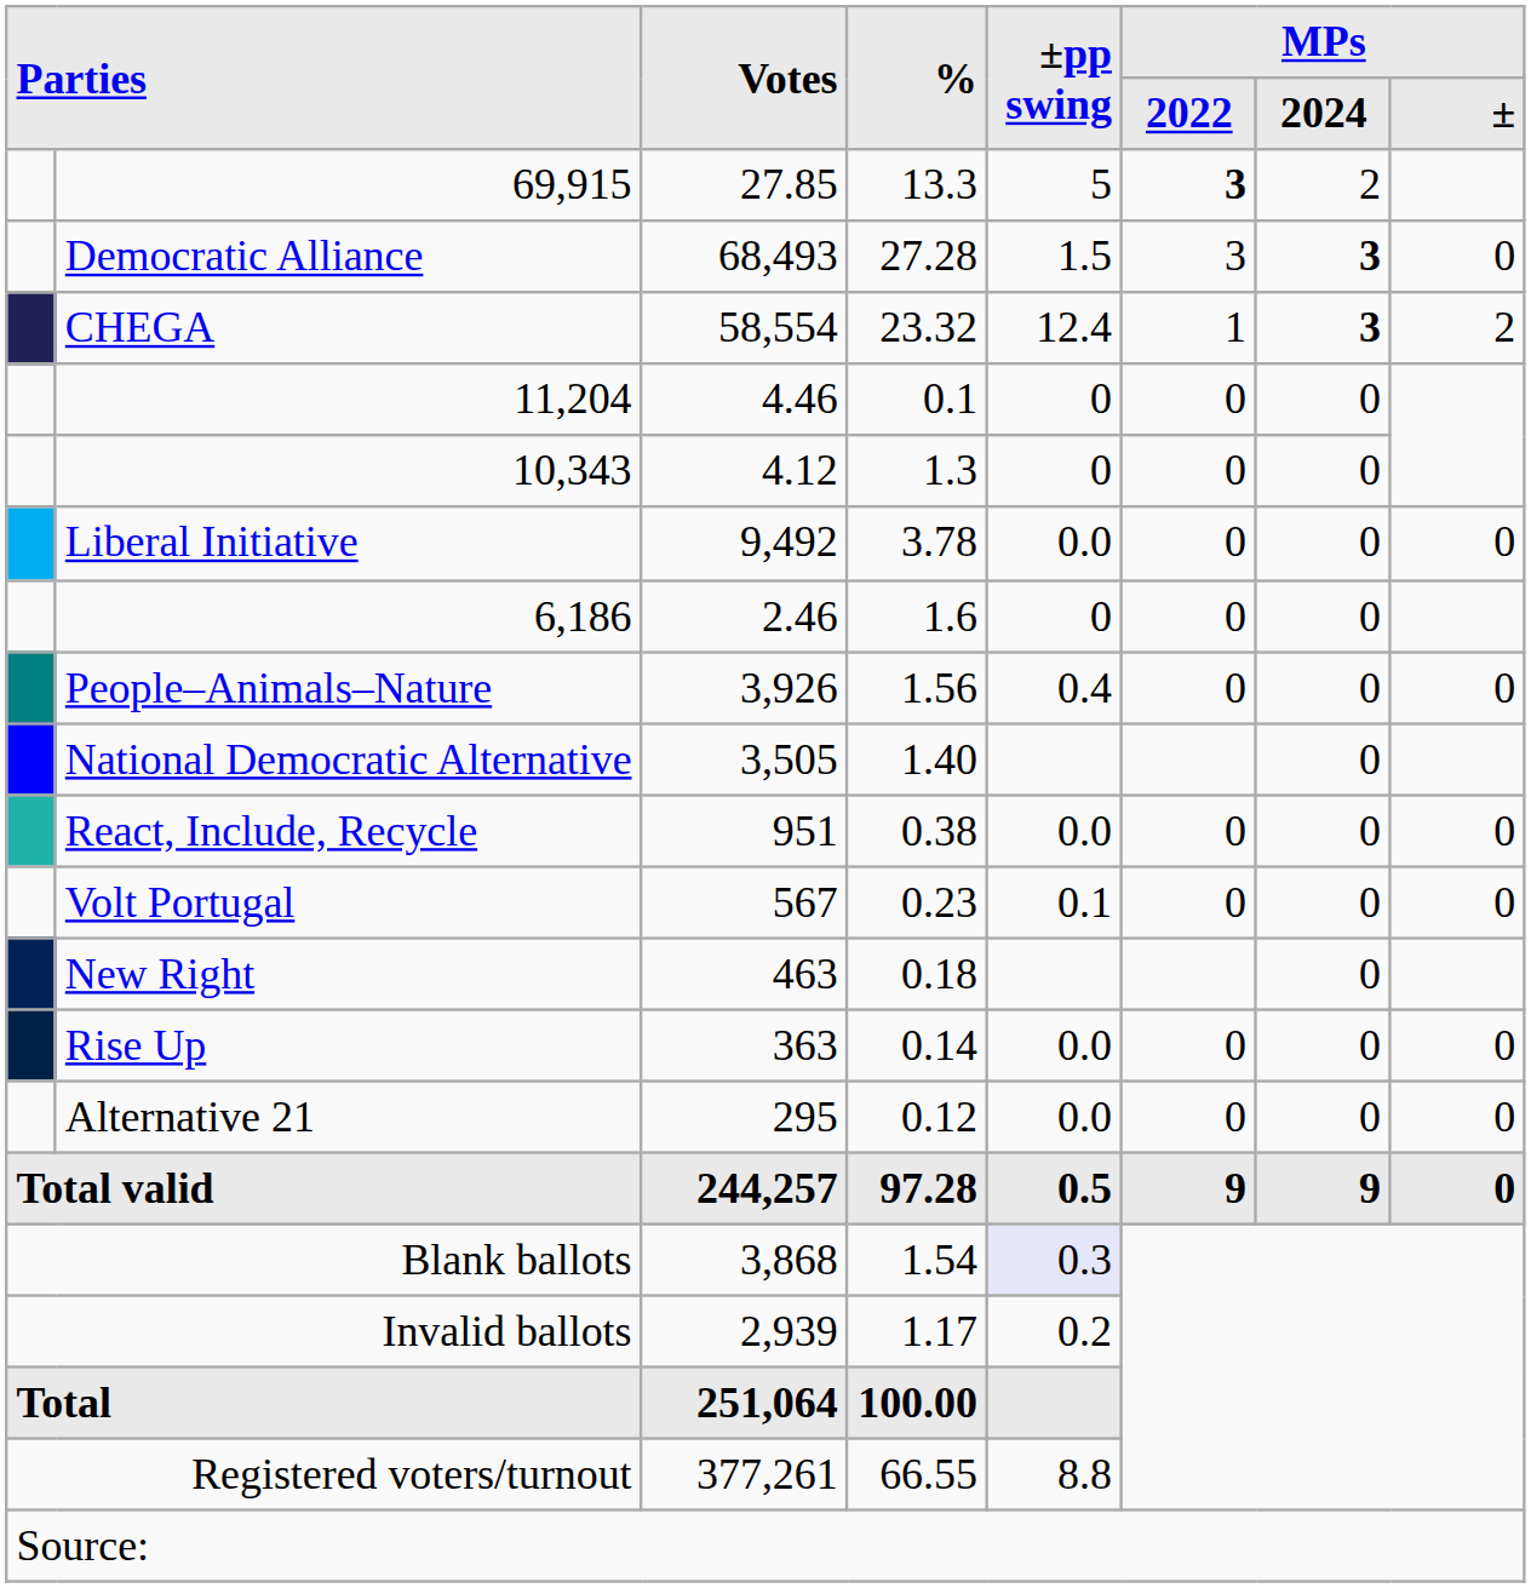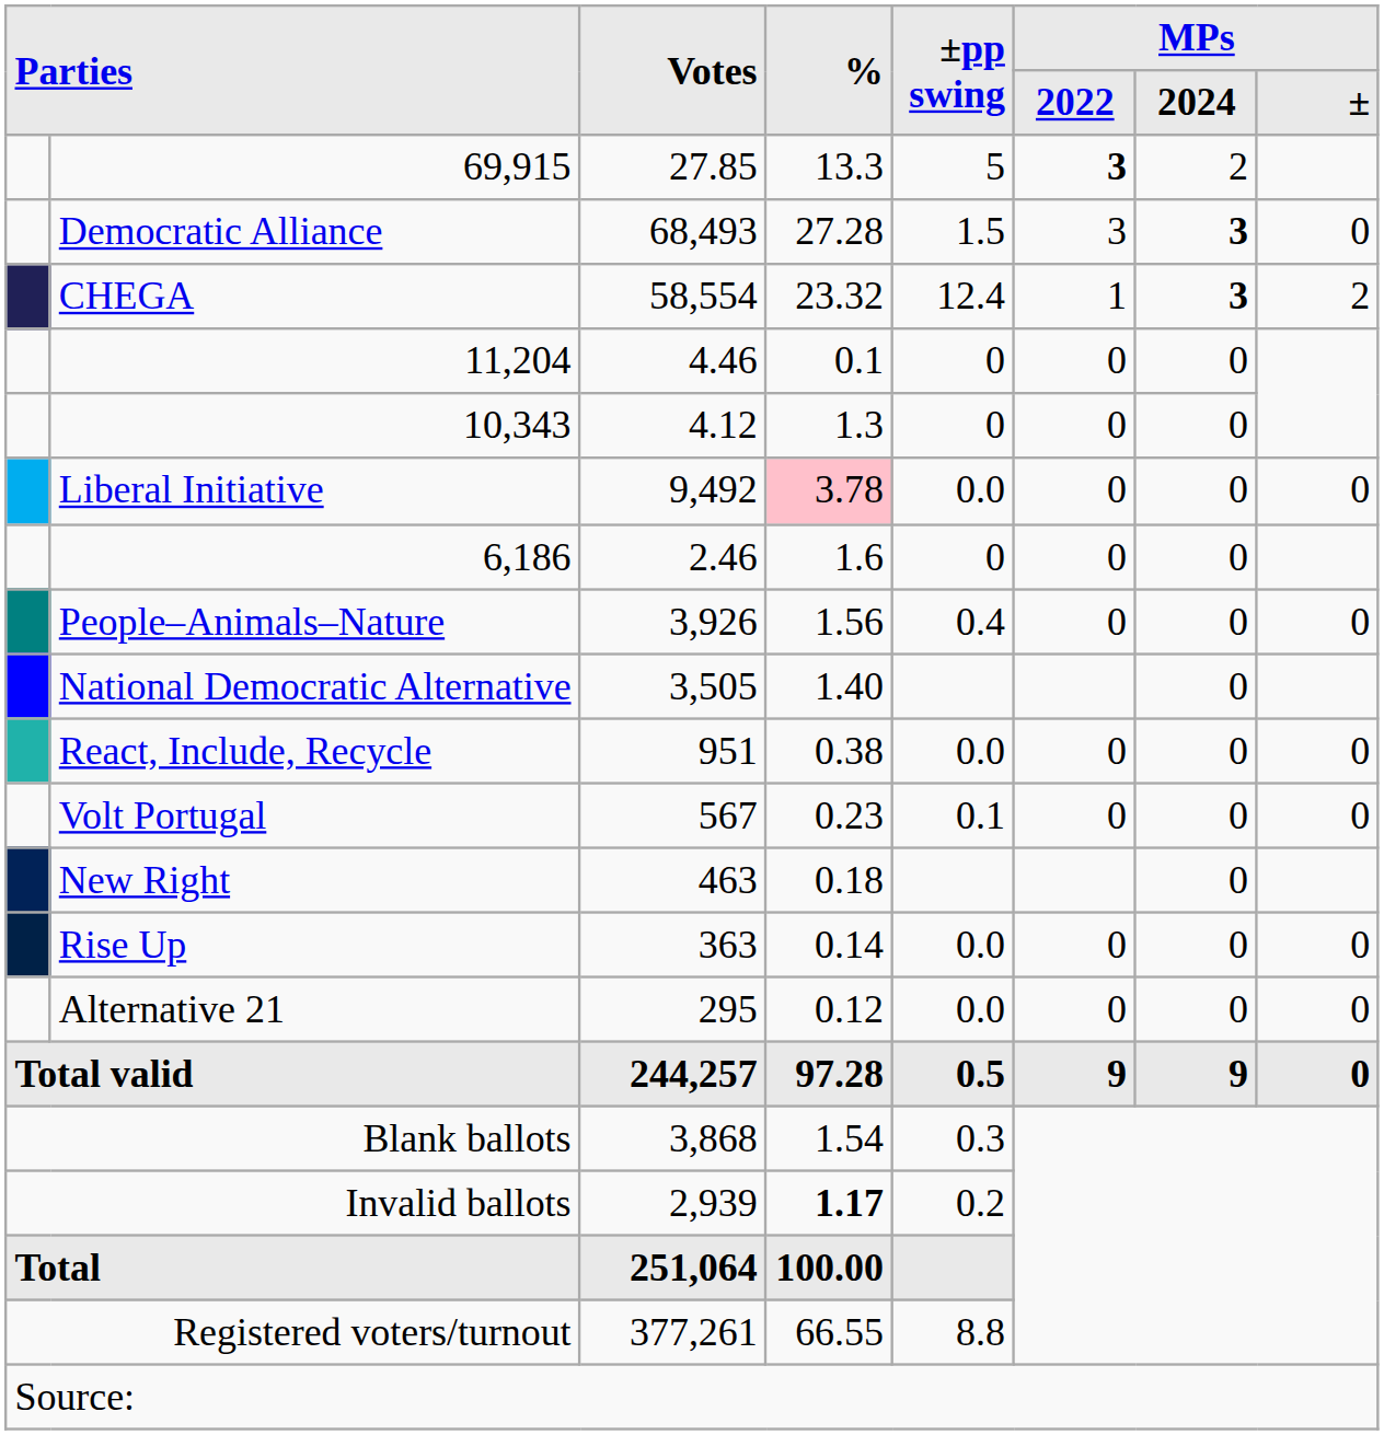 <table class="wikitable" style="text-align:right; font-size:95%;">
 <tr>
 <th rowspan="2" colspan="2" style="background:#e9e9e9; text-align:left;" alignleft><a href='#'>Parties</a></th>
 <th rowspan="2" style="background:#e9e9e9; text-align:right;">Votes</th>
 <th rowspan="2" style="background:#e9e9e9; text-align:right;">%</th>
 <th rowspan="2" style="background:#e9e9e9; text-align:right;">±<a href='#'>pp</a> <a href='#'>swing</a></th>
 <th colspan="3" style="background:#e9e9e9; text-align:center;"><a href='#'>MPs</a></th>
 </tr>
 <tr style="background-color:#E9E9E9">
 <th style="background-color:#E9E9E9;text-align:center;"><a href='#'>2022</a></th>
 <th style="background-color:#E9E9E9;text-align:center;">2024</th>
 <th style="background:#e9e9e9; text-align:right;">±</th>
 </tr>
 <tr>
 <td></td>
 <td>69,915</td>
 <td>27.85</td>
 <td>13.3</td>
 <td>5</td>
 <td><strong>3</strong></td>
 <td>2</td>
 </tr>
 <tr>
 <td style="width: 10px"></td>
 <td align="left"><a href='#'>Democratic Alliance</a> </td>
 <td>68,493</td>
 <td>27.28</td>
 <td>1.5</td>
 <td>3</td>
 <td><strong>3</strong></td>
 <td>0</td>
 </tr>
 <tr>
 <td style="width: 10px" bgcolor="#202056" align="center"></td>
 <td align="left"><a href='#'>CHEGA</a></td>
 <td>58,554</td>
 <td>23.32</td>
 <td>12.4</td>
 <td>1</td>
 <td><strong>3</strong></td>
 <td>2</td>
 </tr>
 <tr>
 <td></td>
 <td>11,204</td>
 <td>4.46</td>
 <td>0.1</td>
 <td>0</td>
 <td>0</td>
 <td>0</td>
 </tr>
 <tr>
 <td></td>
 <td>10,343</td>
 <td>4.12</td>
 <td>1.3</td>
 <td>0</td>
 <td>0</td>
 <td>0</td>
 </tr>
 <tr>
 <td style="width: 10px" bgcolor="#00ADEF" align="center"></td>
 <td align="left"><a href='#'>Liberal Initiative</a></td>
 <td>9,492</td>
-<td>3.78</td>
+<td style="background: pink;">3.78</td>
 <td>0.0</td>
 <td>0</td>
 <td>0</td>
 <td>0</td>
 </tr>
 <tr>
 <td></td>
 <td>6,186</td>
 <td>2.46</td>
 <td>1.6</td>
 <td>0</td>
 <td>0</td>
 <td>0</td>
 </tr>
 <tr>
 <td style="width: 10px" bgcolor="teal" align="center"></td>
 <td align="left"><a href='#'>People–Animals–Nature</a></td>
 <td>3,926</td>
 <td>1.56</td>
 <td>0.4</td>
 <td>0</td>
 <td>0</td>
 <td>0</td>
 </tr>
 <tr>
 <td style="width: 10px" bgcolor="blue" align="center"></td>
 <td align="left"><a href='#'>National Democratic Alternative</a></td>
 <td>3,505</td>
 <td>1.40</td>
 <td></td>
 <td></td>
 <td>0</td>
 <td></td>
 </tr>
 <tr>
 <td style="width: 10px" bgcolor="LightSeaGreen" align="center"></td>
 <td align="left"><a href='#'>React, Include, Recycle</a></td>
 <td>951</td>
 <td>0.38</td>
 <td>0.0</td>
 <td>0</td>
 <td>0</td>
 <td>0</td>
 </tr>
 <tr>
 <td style="width: 10px"></td>
 <td align="left"><a href='#'>Volt Portugal</a></td>
 <td>567</td>
 <td>0.23</td>
 <td>0.1</td>
 <td>0</td>
 <td>0</td>
 <td>0</td>
 </tr>
 <tr>
 <td style="width: 10px" bgcolor="#012257" align="center"></td>
 <td align="left"><a href='#'>New Right</a></td>
 <td>463</td>
 <td>0.18</td>
 <td></td>
 <td></td>
 <td>0</td>
 <td></td>
 </tr>
 <tr>
 <td style="width: 10px" bgcolor="#002147" align="center"></td>
 <td align="left"><a href='#'>Rise Up</a></td>
 <td>363</td>
 <td>0.14</td>
 <td>0.0</td>
 <td>0</td>
 <td>0</td>
 <td>0</td>
 </tr>
 <tr>
 <td style="width: 10px"></td>
 <td align="left">Alternative 21 </td>
 <td>295</td>
 <td>0.12</td>
 <td>0.0</td>
 <td>0</td>
 <td>0</td>
 <td>0</td>
 </tr>
 <tr>
 <td colspan=2 align=left style="background-color:#E9E9E9"><strong>Total valid</strong></td>
 <td width="65" align="right" style="background-color:#E9E9E9"><strong>244,257</strong></td>
 <td width="40" align="right" style="background-color:#E9E9E9"><strong>97.28</strong></td>
 <td width="40" align="right" style="background-color:#E9E9E9"><strong>0.5</strong></td>
 <td width="40" align="right" style="background-color:#E9E9E9"><strong>9</strong></td>
 <td width="40" align="right" style="background-color:#E9E9E9"><strong>9</strong></td>
 <td width="40" align="right" style="background-color:#E9E9E9"><strong>0</strong></td>
 </tr>
 <tr>
 <td colspan=2>Blank ballots</td>
 <td>3,868</td>
 <td>1.54</td>
-<td style="background: lavender;">0.3</td>
+<td>0.3</td>
 <td colspan="3" rowspan="4"></td>
 </tr>
 <tr>
 <td colspan=2>Invalid ballots</td>
 <td>2,939</td>
-<td>1.17</td>
+<td><strong>1.17</strong></td>
 <td>0.2</td>
 </tr>
 <tr>
 <td colspan=2 align=left style="background-color:#E9E9E9"><strong>Total</strong></td>
 <td width="50" align="right" style="background-color:#E9E9E9"><strong>251,064</strong></td>
 <td width="40" align="right" style="background-color:#E9E9E9"><strong>100.00</strong></td>
 <td width="40" align="right" style="background-color:#E9E9E9"></td>
 </tr>
 <tr>
 <td colspan=2>Registered voters/turnout</td>
 <td>377,261</td>
 <td>66.55</td>
 <td>8.8</td>
 </tr>
 <tr>
 <td colspan=8 align=left>Source: </td>
 </tr>
 </table>
